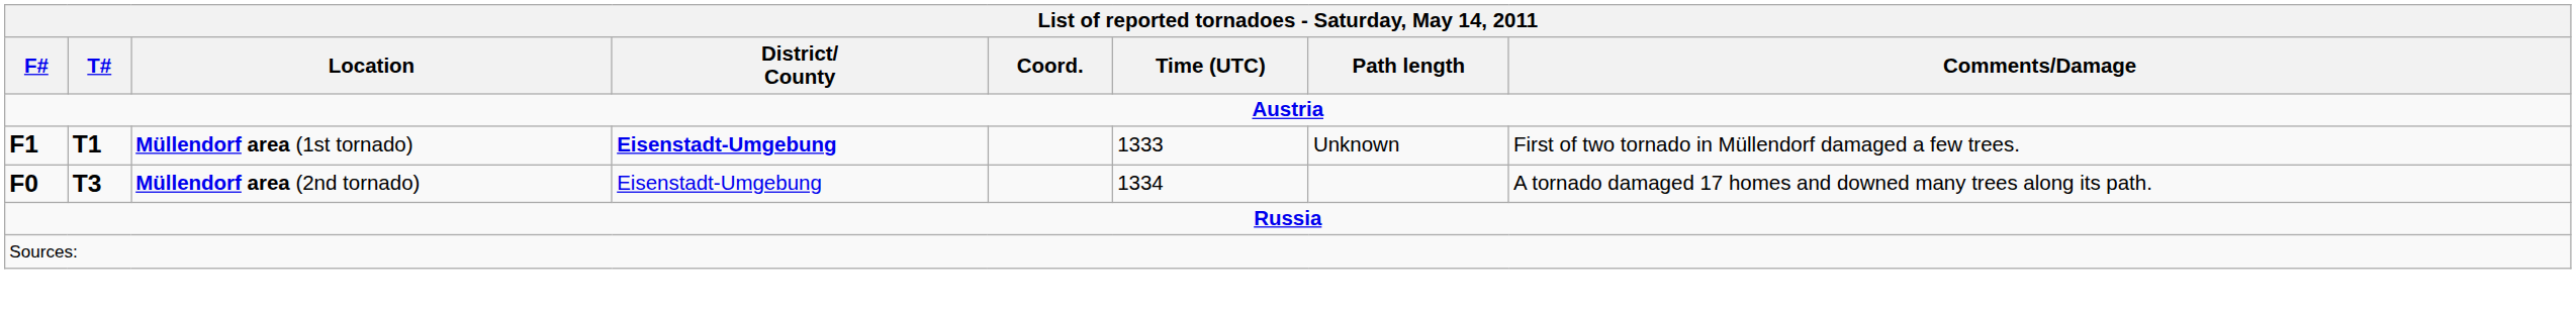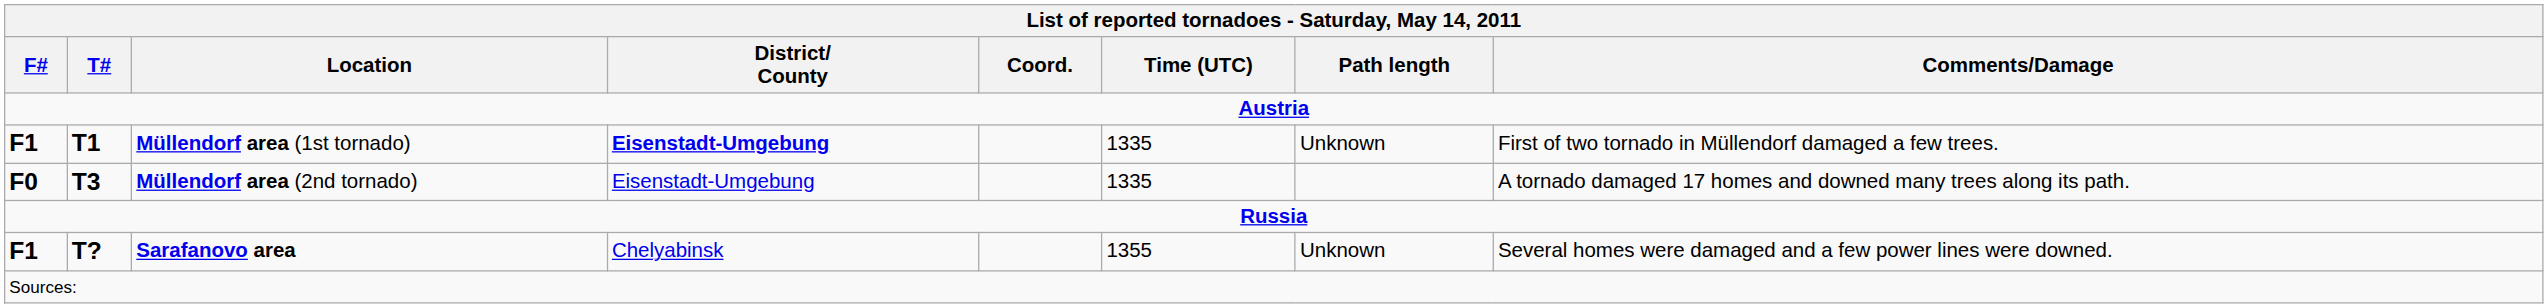 <table class="wikitable collapsible" width="100%">
 <tr>
 <th colspan="8">List of reported tornadoes - Saturday, May 14, 2011</th>
 </tr>
 <tr>
 <th><a href='#'>F#</a></th>
 <th><a href='#'>T#</a></th>
 <th>Location</th>
 <th>District/<br>County</th>
 <th>Coord.</th>
 <th>Time (UTC)</th>
 <th>Path length</th>
 <th>Comments/Damage</th>
 </tr>
 <tr>
 <td colspan="8" align=center><strong><a href='#'>Austria</a></strong></td>
 </tr>
 <tr>
 <td><big><strong>F1</strong></big></td>
 <td><big><strong>T1</strong></big></td>
 <td><strong><a href='#'>Müllendorf</a> area</strong> (1st tornado)</td>
 <td><strong><a href='#'>Eisenstadt-Umgebung</a></strong></td>
 <td></td>
-<td>1333</td>
+<td>1335</td>
 <td>Unknown</td>
 <td>First of two tornado in Müllendorf damaged a few trees.</td>
 </tr>
 <tr>
 <td><big><strong>F0</strong></big></td>
 <td><big><strong>T3</strong></big></td>
 <td><strong><a href='#'>Müllendorf</a> area</strong> (2nd tornado)</td>
 <td><a href='#'>Eisenstadt-Umgebung</a></td>
 <td></td>
-<td>1334</td>
+<td>1335</td>
 <td></td>
 <td>A tornado damaged 17 homes and downed many trees along its path.</td>
 </tr>
 <tr>
 <td colspan="8" align=center><strong><a href='#'>Russia</a></strong></td>
 </tr>
 <tr>
+<td><big><strong>F1</strong></big></td>
+<td><big><strong>T?</strong></big></td>
+<td><strong><a href='#'>Sarafanovo</a> area</strong></td>
+<td><a href='#'>Chelyabinsk</a></td>
+<td></td>
+<td>1355</td>
+<td>Unknown</td>
+<td>Several homes were damaged and a few power lines were downed.</td>
+</tr>
+<tr>
 <td colspan="8"><small>Sources:  </small></td>
 </tr>
 </table>
